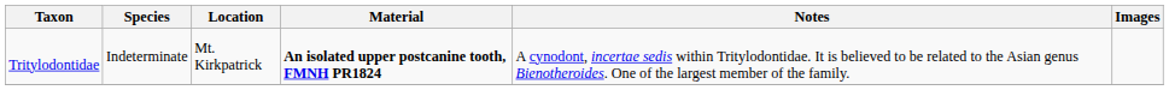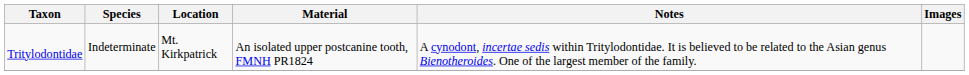 <table class ="wikitable" align="center" width="100%">
 <tr>
 <th>Taxon</th>
 <th>Species</th>
 <th>Location</th>
 <th>Material</th>
 <th>Notes</th>
 <th>Images</th>
 </tr>
 <tr>
 <td><br><a href='#'>Tritylodontidae</a></td>
 <td>Indeterminate</td>
 <td>Mt. Kirkpatrick</td>
-<td><strong><br>An isolated upper postcanine tooth, <a href='#'>FMNH</a> PR1824</strong></td>
+<td><br>An isolated upper postcanine tooth, <a href='#'>FMNH</a> PR1824</td>
 <td><br>A <a href='#'>cynodont</a>, <em><a href='#'>incertae sedis</a></em> within Tritylodontidae. It is believed to be related to the Asian genus <em><a href='#'>Bienotheroides</a></em>. One of the largest member of the family.</td>
 <td></td>
 </tr>
 <tr>
 </tr>
 </table>
